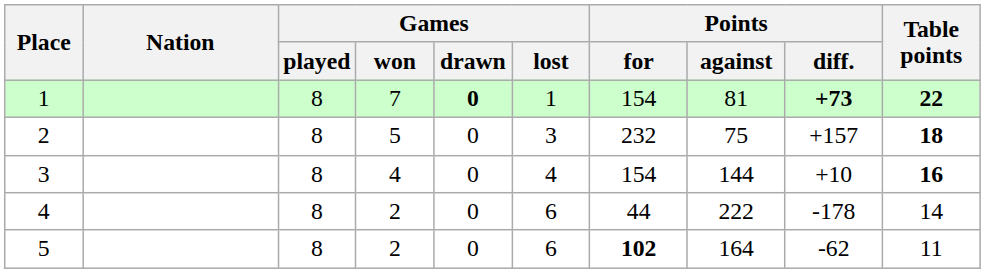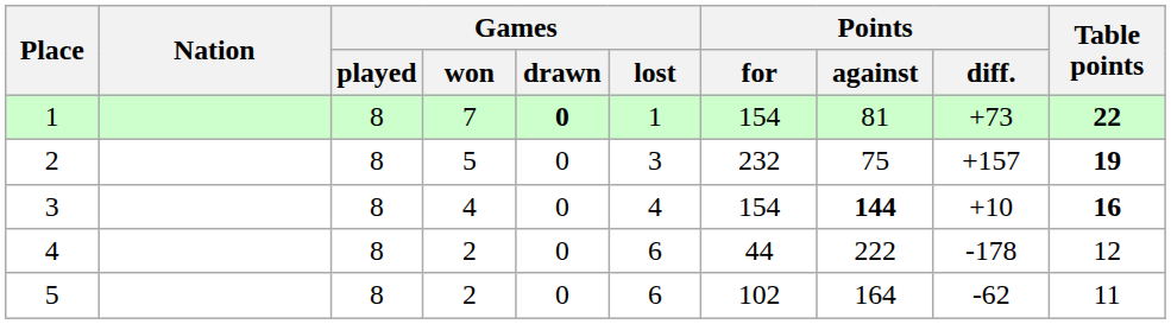 <table class="wikitable">
 <tr>
 <th rowspan=2 width="8%">Place</th>
 <th rowspan=2 width="20%">Nation</th>
 <th colspan=4 width="32%">Games</th>
 <th colspan=3 width="30%">Points</th>
 <th rowspan=2 width="10%">Table<br>points</th>
 </tr>
 <tr>
 <th width="8%">played</th>
 <th width="8%">won</th>
 <th width="8%">drawn</th>
 <th width="8%">lost</th>
 <th width="10%">for</th>
 <th width="10%">against</th>
 <th width="10%">diff.</th>
 </tr>
 <tr bgcolor=#ccffcc align=center>
 <td>1</td>
 <td align=left><strong></strong></td>
 <td>8</td>
 <td>7</td>
 <td><strong>0</strong></td>
 <td>1</td>
 <td>154</td>
 <td>81</td>
-<td><strong>+73</strong></td>
+<td>+73</td>
 <td><strong>22</strong></td>
 </tr>
 <tr bgcolor=#ffffff align=center>
 <td>2</td>
 <td align=left></td>
 <td>8</td>
 <td>5</td>
 <td>0</td>
 <td>3</td>
 <td>232</td>
 <td>75</td>
 <td>+157</td>
-<td><strong>18</strong></td>
+<td><strong>19</strong></td>
 </tr>
 <tr bgcolor=#ffffff align=center>
 <td>3</td>
 <td align=left></td>
 <td>8</td>
 <td>4</td>
 <td>0</td>
 <td>4</td>
 <td>154</td>
-<td>144</td>
+<td><strong>144</strong></td>
 <td>+10</td>
 <td><strong>16</strong></td>
 </tr>
 <tr bgcolor=#ffffff align=center>
 <td>4</td>
 <td align=left></td>
 <td>8</td>
 <td>2</td>
 <td>0</td>
 <td>6</td>
 <td>44</td>
 <td>222</td>
 <td>-178</td>
-<td>14</td>
+<td>12</td>
 </tr>
 <tr bgcolor=#ffffff align=center>
 <td>5</td>
 <td align=left></td>
 <td>8</td>
 <td>2</td>
 <td>0</td>
 <td>6</td>
-<td><strong>102</strong></td>
+<td>102</td>
 <td>164</td>
 <td>-62</td>
 <td>11</td>
 </tr>
 </table>
